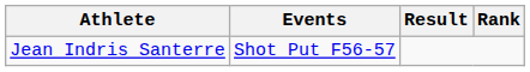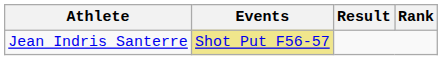 <table class=wikitable style="font-size:90%">
 <tr align=center>
 <th scope="col">Athlete</th>
 <th scope="col">Events</th>
 <th scope="col">Result</th>
 <th scope="col">Rank</th>
 </tr>
 <tr align=center>
 <td align=left><a href='#'>Jean Indris Santerre</a></td>
-<td align=left><a href='#'>Shot Put F56-57</a></td>
+<td align=left style="background: khaki;"><a href='#'>Shot Put F56-57</a></td>
 <td colspan=2></td>
 </tr>
 </table>
